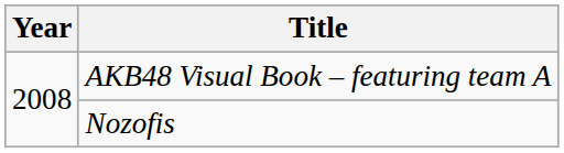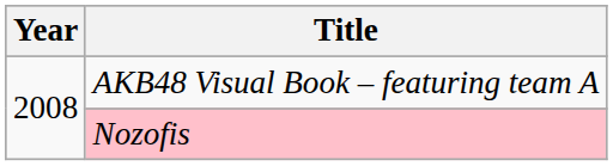 <table class="wikitable">
 <tr>
 <th>Year</th>
 <th>Title</th>
 </tr>
 <tr>
 <td rowspan="2">2008</td>
 <td><em>AKB48 Visual Book – featuring team A</em></td>
 </tr>
 <tr>
-<td><em>Nozofis</em></td>
+<td style="background: pink;"><em>Nozofis</em></td>
 </tr>
 </table>
